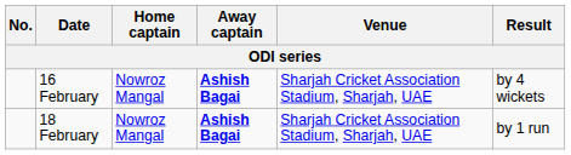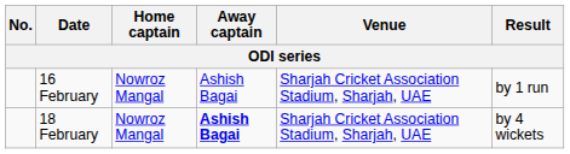 <table class="wikitable">
 <tr>
 <th>No.</th>
 <th>Date</th>
 <th>Home captain</th>
 <th>Away captain</th>
 <th>Venue</th>
 <th>Result</th>
 </tr>
 <tr>
 <th colspan="9">ODI series</th>
 </tr>
 <tr>
 <td></td>
 <td>16 February</td>
 <td><a href='#'>Nowroz Mangal</a></td>
-<td><strong><a href='#'>Ashish Bagai</a></strong></td>
+<td><a href='#'>Ashish Bagai</a></td>
 <td><a href='#'>Sharjah Cricket Association Stadium</a>, <a href='#'>Sharjah</a>, <a href='#'>UAE</a></td>
-<td> by 4 wickets</td>
+<td> by 1 run</td>
 </tr>
 <tr>
 <td></td>
 <td>18 February</td>
 <td><a href='#'>Nowroz Mangal</a></td>
 <td><strong><a href='#'>Ashish Bagai</a></strong></td>
 <td><a href='#'>Sharjah Cricket Association Stadium</a>, <a href='#'>Sharjah</a>, <a href='#'>UAE</a></td>
-<td> by 1 run</td>
+<td> by 4 wickets</td>
 </tr>
 </table>
